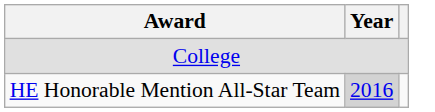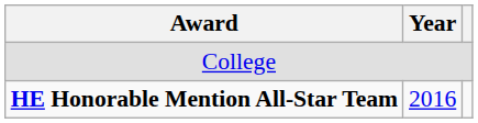 <table class="wikitable">
 <tr>
 <th>Award</th>
 <th>Year</th>
 <th></th>
 </tr>
 <tr ALIGN="center" bgcolor="#e0e0e0">
 <td colspan="3"><a href='#'>College</a></td>
 </tr>
 <tr>
-<td><a href='#'>HE</a> Honorable Mention All-Star Team</td>
-<td style="background: lightgrey;"><a href='#'>2016</a></td>
+<td><strong><a href='#'>HE</a> Honorable Mention All-Star Team</strong></td>
+<td><a href='#'>2016</a></td>
 <td></td>
 </tr>
 </table>
